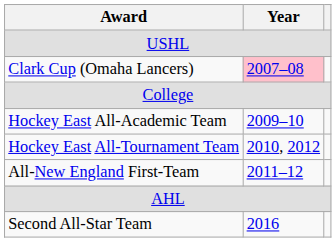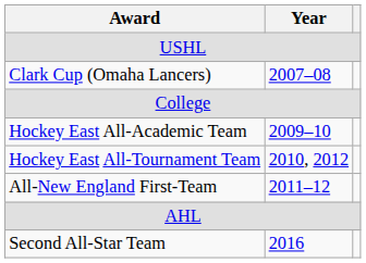 <table class="wikitable">
 <tr>
 <th>Award</th>
 <th>Year</th>
 <th></th>
 </tr>
 <tr ALIGN="center" bgcolor="#e0e0e0">
 <td colspan="3"><a href='#'>USHL</a></td>
 </tr>
 <tr>
 <td><a href='#'>Clark Cup</a> (Omaha Lancers)</td>
-<td style="background: pink;"><a href='#'>2007–08</a></td>
+<td><a href='#'>2007–08</a></td>
 <td></td>
 </tr>
 <tr ALIGN="center" bgcolor="#e0e0e0">
 <td colspan="3"><a href='#'>College</a></td>
 </tr>
 <tr>
 <td><a href='#'>Hockey East</a> All-Academic Team</td>
 <td><a href='#'>2009–10</a></td>
 <td></td>
 </tr>
 <tr>
 <td><a href='#'>Hockey East</a> <a href='#'>All-Tournament Team</a></td>
 <td><a href='#'>2010</a>, <a href='#'>2012</a></td>
 <td></td>
 </tr>
 <tr>
 <td>All-<a href='#'>New England</a> First-Team</td>
 <td><a href='#'>2011–12</a></td>
 <td></td>
 </tr>
 <tr ALIGN="center" bgcolor="#e0e0e0">
 <td colspan="3"><a href='#'>AHL</a></td>
 </tr>
 <tr>
 <td>Second All-Star Team</td>
 <td><a href='#'>2016</a></td>
 <td></td>
 </tr>
 </table>
